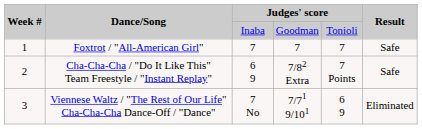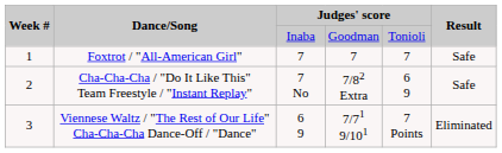 <table class="wikitable">
 <tr style="text-align:Center; background:#ccc;">
 <td rowspan="2"><strong>Week #</strong></td>
 <td rowspan="2"><strong>Dance/Song</strong></td>
 <td colspan="3"><strong>Judges' score</strong></td>
 <td rowspan="2"><strong>Result</strong></td>
 </tr>
 <tr style="text-align:center; background:#ccc;">
 <td style="width:10%; "><a href='#'>Inaba</a></td>
 <td style="width:10%; "><a href='#'>Goodman</a></td>
 <td style="width:10%; "><a href='#'>Tonioli</a></td>
 </tr>
 <tr>
 <td style="text-align:center; background:#faf6f6;">1</td>
 <td style="text-align:center; background:#faf6f6;"><a href='#'>Foxtrot</a> / "<a href='#'>All-American Girl</a>"</td>
 <td style="text-align:center; background:#faf6f6;">7</td>
 <td style="text-align:center; background:#faf6f6;">7</td>
 <td style="text-align:center; background:#faf6f6;">7</td>
 <td style="text-align:center; background:#faf6f6;">Safe</td>
 </tr>
 <tr>
 <td style="text-align:center; background:#faf6f6;">2</td>
 <td style="text-align:center; background:#faf6f6;"><a href='#'>Cha-Cha-Cha</a> / "Do It Like This"<br>Team Freestyle / "<a href='#'>Instant Replay</a>"</td>
+<td style="text-align:center; background:#faf6f6;">7<br>No</td>
+<td style="text-align:center; background:#faf6f6;">7/8<sup>2</sup><br>Extra</td>
 <td style="text-align:center; background:#faf6f6;">6<br>9</td>
-<td style="text-align:center; background:#faf6f6;">7/8<sup>2</sup><br>Extra</td>
-<td style="text-align:center; background:#faf6f6;">7<br>Points</td>
 <td style="text-align:center; background:#faf6f6;">Safe</td>
 </tr>
 <tr>
 <td style="text-align:center; background:#faf6f6;">3</td>
 <td style="text-align:center; background:#faf6f6;"><a href='#'>Viennese Waltz</a> / "<a href='#'>The Rest of Our Life</a>"<br><a href='#'>Cha-Cha-Cha</a> Dance-Off / "Dance"</td>
-<td style="text-align:center; background:#faf6f6;">7<br>No</td>
+<td style="text-align:center; background:#faf6f6;">6<br>9</td>
 <td style="text-align:center; background:#faf6f6;">7/7<sup>1</sup><br>9/10<sup>1</sup></td>
-<td style="text-align:center; background:#faf6f6;">6<br>9</td>
+<td style="text-align:center; background:#faf6f6;">7<br>Points</td>
 <td style="text-align:center; background:#faf6f6;">Eliminated</td>
 </tr>
 </table>
